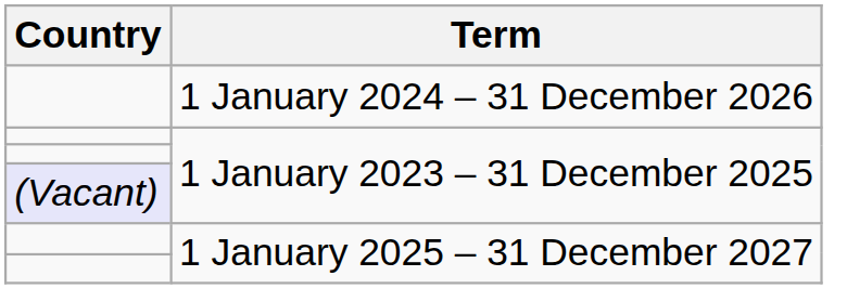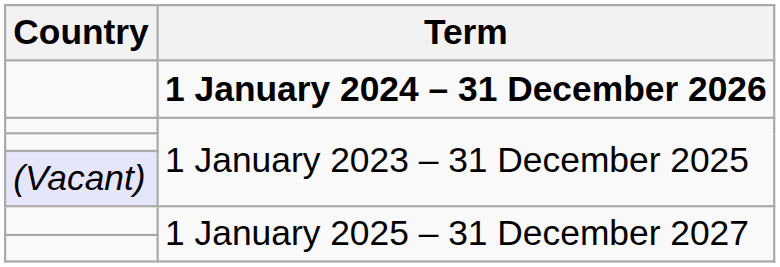 <table class="wikitable">
 <tr>
 <th>Country</th>
 <th>Term</th>
 </tr>
 <tr>
 <td></td>
-<td>1 January 2024 – 31 December 2026</td>
+<td><strong>1 January 2024 – 31 December 2026</strong></td>
 </tr>
 <tr>
 <td></td>
 <td rowspan="3">1 January 2023 – 31 December 2025</td>
 </tr>
 <tr>
 <td></td>
 </tr>
 <tr>
 <td style="background: lavender;"><em>(Vacant)</em></td>
 </tr>
 <tr>
 <td></td>
 <td rowspan="2">1 January 2025 – 31 December 2027</td>
 </tr>
 <tr>
 <td></td>
 </tr>
 </table>
